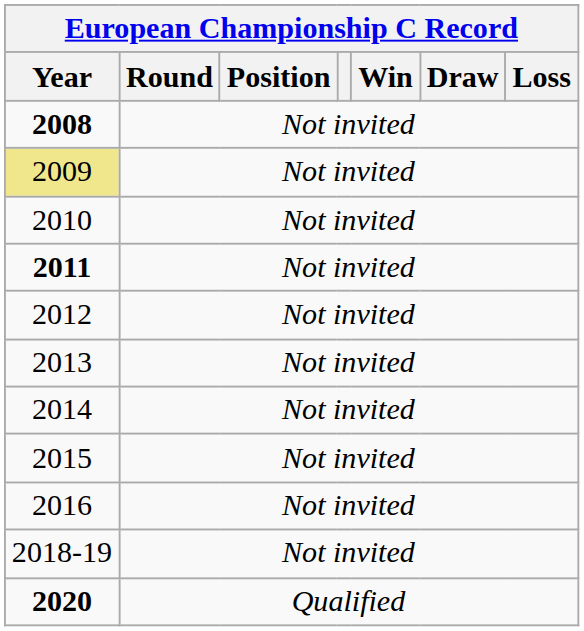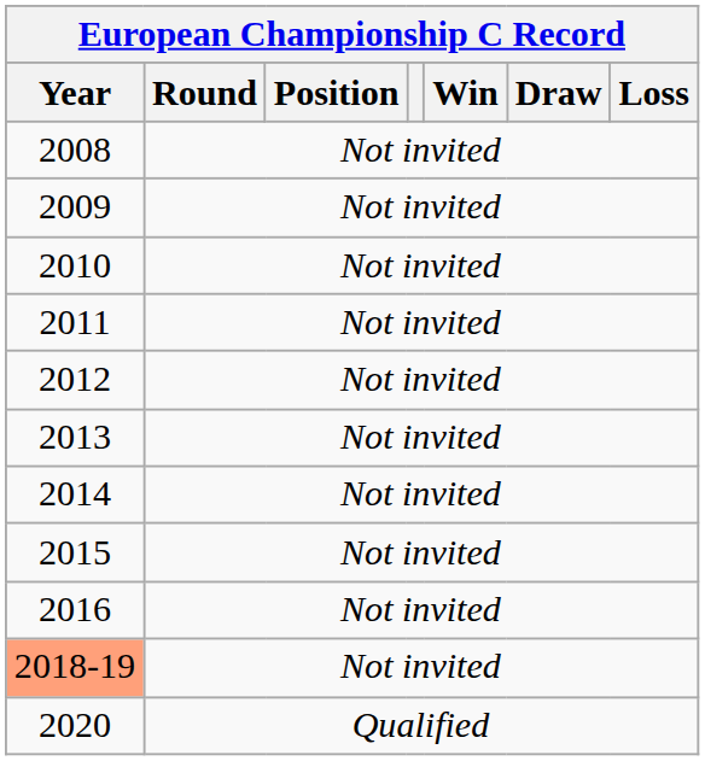 <table class="wikitable" style="text-align: center;">
 <tr>
 <th colspan=9><a href='#'>European Championship C Record</a></th>
 </tr>
 <tr>
 <th>Year</th>
 <th>Round</th>
 <th>Position</th>
 <th></th>
 <th>Win</th>
 <th>Draw</th>
 <th>Loss</th>
 </tr>
 <tr>
-<td><strong>2008</strong></td>
+<td>2008</td>
 <td colspan=6><em>Not invited</em></td>
 </tr>
 <tr>
-<td style="background: khaki;">2009</td>
+<td>2009</td>
 <td colspan=6><em>Not invited</em></td>
 </tr>
 <tr>
 <td>2010</td>
 <td colspan=6><em>Not invited</em></td>
 </tr>
 <tr>
-<td><strong>2011</strong></td>
+<td>2011</td>
 <td colspan=6><em>Not invited</em></td>
 </tr>
 <tr>
 <td>2012</td>
 <td colspan=6><em>Not invited</em></td>
 </tr>
 <tr>
 <td>2013</td>
 <td colspan=6><em>Not invited</em></td>
 </tr>
 <tr>
 <td>2014</td>
 <td colspan=6><em>Not invited</em></td>
 </tr>
 <tr>
 <td>2015</td>
 <td colspan=6><em>Not invited</em></td>
 </tr>
 <tr>
 <td>2016</td>
 <td colspan=6><em>Not invited</em></td>
 </tr>
 <tr>
-<td>2018-19</td>
+<td style="background: lightsalmon;">2018-19</td>
 <td colspan=6><em>Not invited</em></td>
 </tr>
 <tr>
-<td><strong>2020</strong></td>
+<td>2020</td>
 <td colspan=6><em>Qualified</em></td>
 </tr>
 </table>
